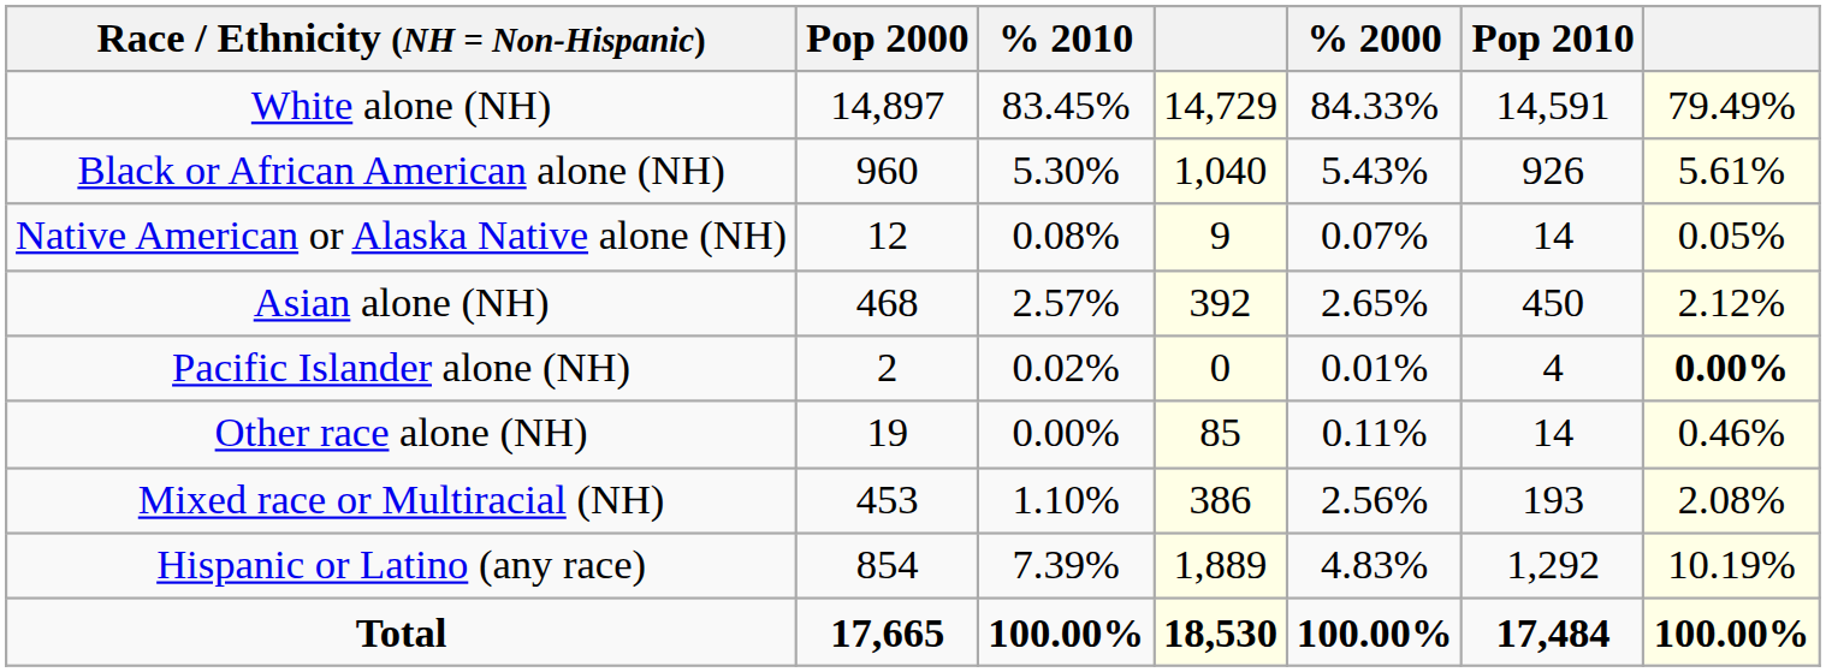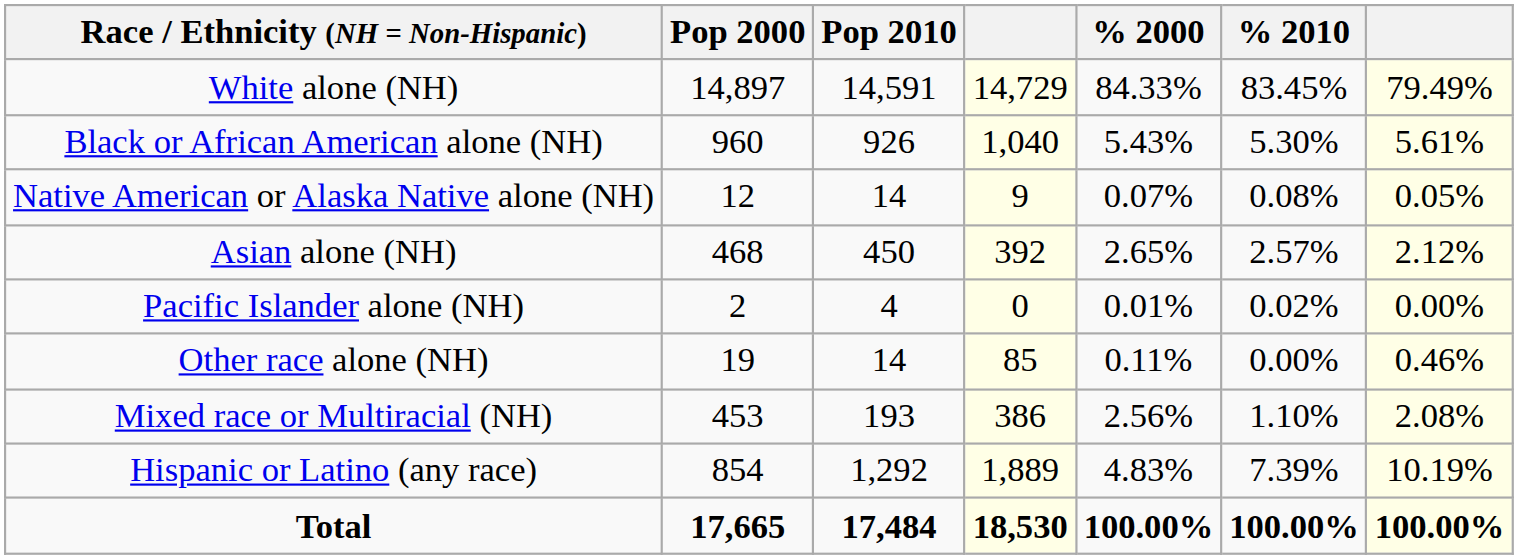 <table class="wikitable" style="text-align:center;">
 <tr>
 <th>Race / Ethnicity <small>(<em>NH = Non-Hispanic</em>)</small></th>
 <th>Pop 2000</th>
-<th>% 2010</th>
+<th>Pop 2010</th>
 <th></th>
 <th>% 2000</th>
-<th>Pop 2010</th>
+<th>% 2010</th>
 <th></th>
 </tr>
 <tr>
 <td><a href='#'>White</a> alone (NH)</td>
 <td>14,897</td>
-<td>83.45%</td>
+<td>14,591</td>
 <td style='background: #ffffe6;'>14,729</td>
 <td>84.33%</td>
-<td>14,591</td>
+<td>83.45%</td>
 <td style='background: #ffffe6;'>79.49%</td>
 </tr>
 <tr>
 <td><a href='#'>Black or African American</a> alone (NH)</td>
 <td>960</td>
-<td>5.30%</td>
+<td>926</td>
 <td style='background: #ffffe6;'>1,040</td>
 <td>5.43%</td>
-<td>926</td>
+<td>5.30%</td>
 <td style='background: #ffffe6;'>5.61%</td>
 </tr>
 <tr>
 <td><a href='#'>Native American</a> or <a href='#'>Alaska Native</a> alone (NH)</td>
 <td>12</td>
-<td>0.08%</td>
+<td>14</td>
 <td style='background: #ffffe6;'>9</td>
 <td>0.07%</td>
-<td>14</td>
+<td>0.08%</td>
 <td style='background: #ffffe6;'>0.05%</td>
 </tr>
 <tr>
 <td><a href='#'>Asian</a> alone (NH)</td>
 <td>468</td>
-<td>2.57%</td>
+<td>450</td>
 <td style='background: #ffffe6;'>392</td>
 <td>2.65%</td>
-<td>450</td>
+<td>2.57%</td>
 <td style='background: #ffffe6;'>2.12%</td>
 </tr>
 <tr>
 <td><a href='#'>Pacific Islander</a> alone (NH)</td>
 <td>2</td>
-<td>0.02%</td>
+<td>4</td>
 <td style='background: #ffffe6;'>0</td>
 <td>0.01%</td>
-<td>4</td>
-<td style='background: #ffffe6;'><strong>0.00%</strong></td>
+<td>0.02%</td>
+<td style='background: #ffffe6;'>0.00%</td>
 </tr>
 <tr>
 <td><a href='#'>Other race</a> alone (NH)</td>
 <td>19</td>
-<td>0.00%</td>
+<td>14</td>
 <td style='background: #ffffe6;'>85</td>
 <td>0.11%</td>
-<td>14</td>
+<td>0.00%</td>
 <td style='background: #ffffe6;'>0.46%</td>
 </tr>
 <tr>
 <td><a href='#'>Mixed race or Multiracial</a> (NH)</td>
 <td>453</td>
-<td>1.10%</td>
+<td>193</td>
 <td style='background: #ffffe6;'>386</td>
 <td>2.56%</td>
-<td>193</td>
+<td>1.10%</td>
 <td style='background: #ffffe6;'>2.08%</td>
 </tr>
 <tr>
 <td><a href='#'>Hispanic or Latino</a> (any race)</td>
 <td>854</td>
-<td>7.39%</td>
+<td>1,292</td>
 <td style='background: #ffffe6;'>1,889</td>
 <td>4.83%</td>
-<td>1,292</td>
+<td>7.39%</td>
 <td style='background: #ffffe6;'>10.19%</td>
 </tr>
 <tr>
 <td><strong>Total</strong></td>
 <td><strong>17,665</strong></td>
-<td><strong>100.00%</strong></td>
+<td><strong>17,484</strong></td>
 <td style='background: #ffffe6;'><strong>18,530</strong></td>
 <td><strong>100.00%</strong></td>
-<td><strong>17,484</strong></td>
+<td><strong>100.00%</strong></td>
 <td style='background: #ffffe6;'><strong>100.00%</strong></td>
 </tr>
 </table>
